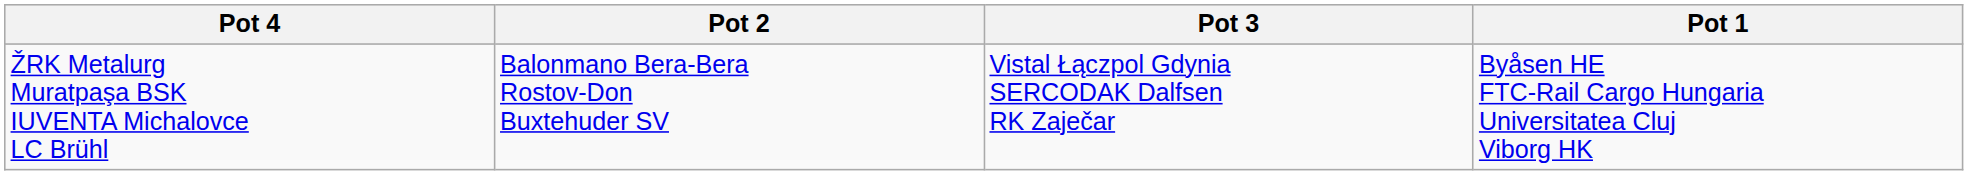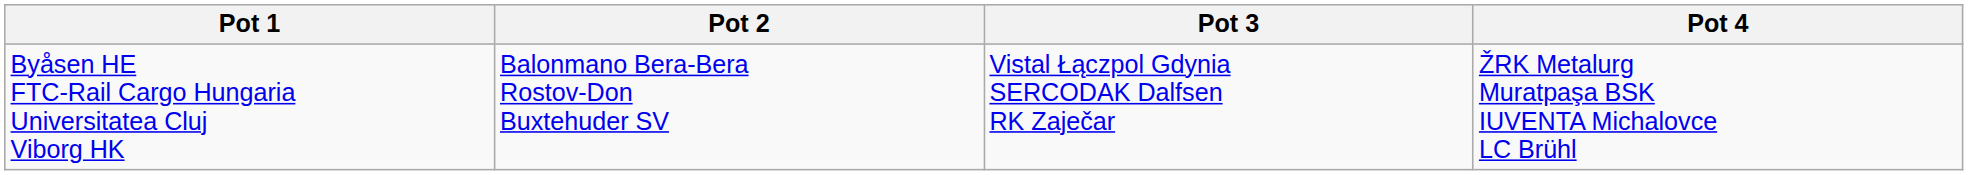 <table class="wikitable">
 <tr>
-<th width=15%>Pot 4</th>
+<th width=15%>Pot 1</th>
 <th width=15%>Pot 2</th>
 <th width=15%>Pot 3</th>
-<th width=15%>Pot 1</th>
+<th width=15%>Pot 4</th>
 </tr>
 <tr>
-<td valign="top"> <a href='#'>ŽRK Metalurg</a><br> <a href='#'>Muratpaşa BSK</a><br> <a href='#'>IUVENTA Michalovce</a><br> <a href='#'>LC Brühl</a></td>
+<td valign="top"> <a href='#'>Byåsen HE</a><br> <a href='#'>FTC-Rail Cargo Hungaria</a><br> <a href='#'>Universitatea Cluj</a><br> <a href='#'>Viborg HK</a></td>
 <td valign="top"> <a href='#'>Balonmano Bera-Bera</a><br> <a href='#'>Rostov-Don</a><br> <a href='#'>Buxtehuder SV</a></td>
 <td valign="top"> <a href='#'>Vistal Łączpol Gdynia</a><br> <a href='#'>SERCODAK Dalfsen</a><br> <a href='#'>RK Zaječar</a></td>
-<td valign="top"> <a href='#'>Byåsen HE</a><br> <a href='#'>FTC-Rail Cargo Hungaria</a><br> <a href='#'>Universitatea Cluj</a><br> <a href='#'>Viborg HK</a></td>
+<td valign="top"> <a href='#'>ŽRK Metalurg</a><br> <a href='#'>Muratpaşa BSK</a><br> <a href='#'>IUVENTA Michalovce</a><br> <a href='#'>LC Brühl</a></td>
 </tr>
 </table>
